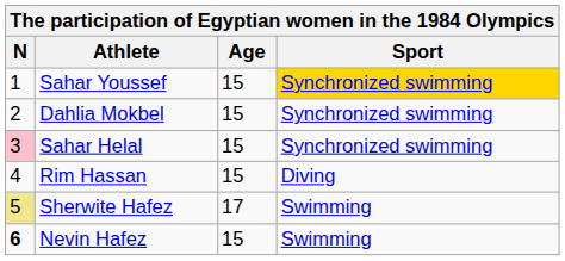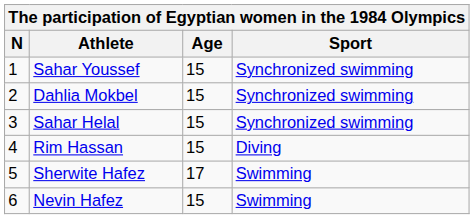 <table class="wikitable">
 <tr>
 <th colspan="4">The participation of Egyptian women in the 1984 Olympics</th>
 </tr>
 <tr>
 <th>N</th>
 <th>Athlete</th>
 <th>Age</th>
 <th>Sport</th>
 </tr>
 <tr>
 <td>1</td>
 <td><a href='#'>Sahar Youssef</a></td>
 <td>15</td>
-<td style="background: gold;"><a href='#'>Synchronized swimming</a></td>
+<td><a href='#'>Synchronized swimming</a></td>
 </tr>
 <tr>
 <td>2</td>
 <td><a href='#'>Dahlia Mokbel</a></td>
 <td>15</td>
 <td><a href='#'>Synchronized swimming</a></td>
 </tr>
 <tr>
-<td style="background: pink;">3</td>
+<td>3</td>
 <td><a href='#'>Sahar Helal</a></td>
 <td>15</td>
 <td><a href='#'>Synchronized swimming</a></td>
 </tr>
 <tr>
 <td>4</td>
 <td><a href='#'>Rim Hassan</a></td>
 <td>15</td>
 <td><a href='#'>Diving</a></td>
 </tr>
 <tr>
-<td style="background: khaki;">5</td>
+<td>5</td>
 <td><a href='#'>Sherwite Hafez</a></td>
 <td>17</td>
 <td><a href='#'>Swimming</a></td>
 </tr>
 <tr>
-<td><strong>6</strong></td>
+<td>6</td>
 <td><a href='#'>Nevin Hafez</a></td>
 <td>15</td>
 <td><a href='#'>Swimming</a></td>
 </tr>
 </table>
